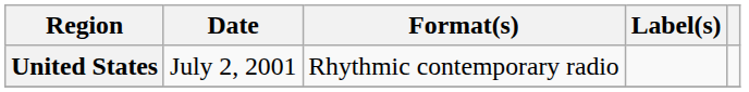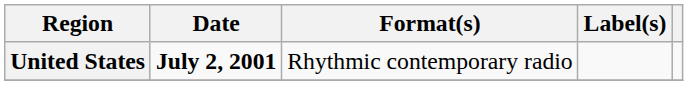 <table class="wikitable plainrowheaders">
 <tr>
 <th scope="col">Region</th>
 <th scope="col">Date</th>
 <th scope="col">Format(s)</th>
 <th scope="col">Label(s)</th>
 <th scope="col"></th>
 </tr>
 <tr>
 <th scope="row" rowspan="1">United States</th>
-<td>July 2, 2001</td>
+<td><strong>July 2, 2001</strong></td>
 <td>Rhythmic contemporary radio</td>
 <td rowspan="1"></td>
 <td></td>
 </tr>
 <tr>
 </tr>
 </table>
